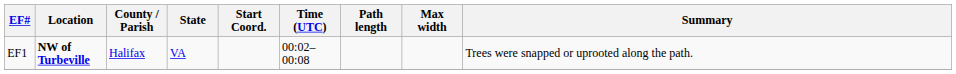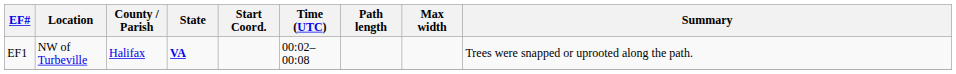 <table class="wikitable sortable" style="width:100%;">
 <tr>
 <th scope="col"  style="width:3%; text-align:center;"><a href='#'>EF#</a></th>
 <th scope="col"  style="width:7%; text-align:center;" class="unsortable">Location</th>
 <th scope="col"  style="width:6%; text-align:center;" class="unsortable">County / Parish</th>
 <th scope="col"  style="width:5%; text-align:center;">State</th>
 <th scope="col"  style="width:6%; text-align:center;">Start Coord.</th>
 <th scope="col"  style="width:6%; text-align:center;">Time (<a href='#'>UTC</a>)</th>
 <th scope="col"  style="width:6%; text-align:center;">Path length</th>
 <th scope="col"  style="width:6%; text-align:center;">Max width</th>
 <th scope="col" class="unsortable" style="width:48%; text-align:center;">Summary</th>
 </tr>
 <tr>
 <td>EF1</td>
-<td><strong>NW of <a href='#'>Turbeville</a></strong></td>
+<td>NW of <a href='#'>Turbeville</a></td>
 <td><a href='#'>Halifax</a></td>
-<td><a href='#'>VA</a></td>
+<td><strong><a href='#'>VA</a></strong></td>
 <td></td>
 <td>00:02–00:08</td>
 <td></td>
 <td></td>
 <td>Trees were snapped or uprooted along the path.</td>
 </tr>
 <tr>
 </tr>
 </table>
